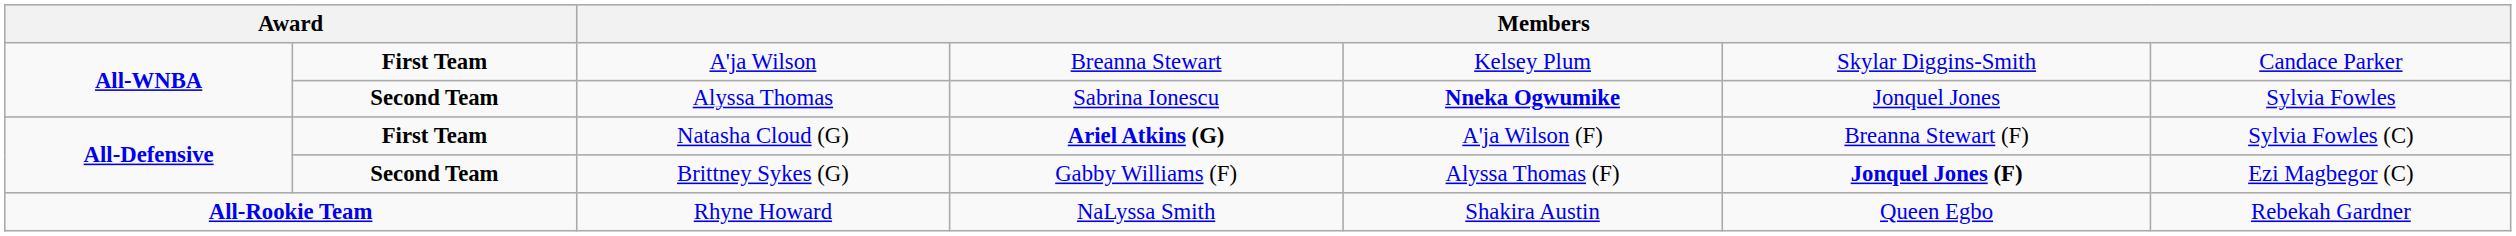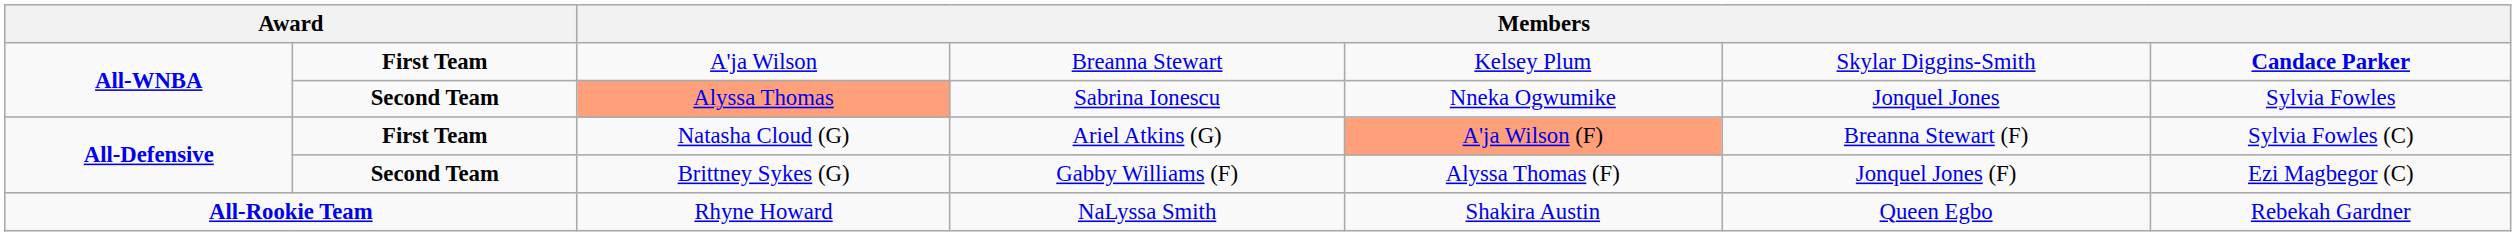 <table class="wikitable" style="width: 80%; text-align:center; font-size:90%">
 <tr>
 <th colspan="2">Award</th>
 <th width=125 colspan=5 align=center>Members</th>
 </tr>
 <tr>
 <td rowspan="2"><strong><a href='#'>All-WNBA</a></strong></td>
 <td><strong>First Team</strong></td>
 <td><a href='#'>A'ja Wilson</a></td>
 <td><a href='#'>Breanna Stewart</a></td>
 <td><a href='#'>Kelsey Plum</a></td>
 <td><a href='#'>Skylar Diggins-Smith</a></td>
-<td><a href='#'>Candace Parker</a></td>
+<td><strong><a href='#'>Candace Parker</a></strong></td>
 </tr>
 <tr>
 <td><strong>Second Team</strong></td>
-<td><a href='#'>Alyssa Thomas</a></td>
+<td style="background: lightsalmon;"><a href='#'>Alyssa Thomas</a></td>
 <td><a href='#'>Sabrina Ionescu</a></td>
-<td><strong><a href='#'>Nneka Ogwumike</a></strong></td>
+<td><a href='#'>Nneka Ogwumike</a></td>
 <td><a href='#'>Jonquel Jones</a></td>
 <td><a href='#'>Sylvia Fowles</a></td>
 </tr>
 <tr>
 <td rowspan="2"><strong><a href='#'>All-Defensive</a></strong></td>
 <td><strong>First Team</strong></td>
 <td><a href='#'>Natasha Cloud</a> (G)</td>
-<td><strong><a href='#'>Ariel Atkins</a> (G)</strong></td>
-<td><a href='#'>A'ja Wilson</a> (F)</td>
+<td><a href='#'>Ariel Atkins</a> (G)</td>
+<td style="background: lightsalmon;"><a href='#'>A'ja Wilson</a> (F)</td>
 <td><a href='#'>Breanna Stewart</a> (F)</td>
 <td><a href='#'>Sylvia Fowles</a> (C)</td>
 </tr>
 <tr>
 <td><strong>Second Team</strong></td>
 <td><a href='#'>Brittney Sykes</a> (G)</td>
 <td><a href='#'>Gabby Williams</a> (F)</td>
 <td><a href='#'>Alyssa Thomas</a> (F)</td>
-<td><strong><a href='#'>Jonquel Jones</a> (F)</strong></td>
+<td><a href='#'>Jonquel Jones</a> (F)</td>
 <td><a href='#'>Ezi Magbegor</a> (C)</td>
 </tr>
 <tr>
 <td colspan="2"><strong><a href='#'>All-Rookie Team</a></strong></td>
 <td><a href='#'>Rhyne Howard</a></td>
 <td><a href='#'>NaLyssa Smith</a></td>
 <td><a href='#'>Shakira Austin</a></td>
 <td><a href='#'>Queen Egbo</a></td>
 <td><a href='#'>Rebekah Gardner</a></td>
 </tr>
 </table>
